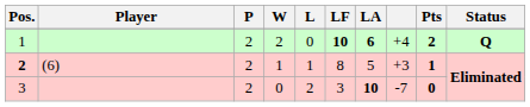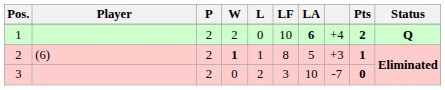 <table class="wikitable" style="text-align:center; margin: 1em auto 1em auto, align:left">
 <tr>
 <th width=25>Pos.</th>
 <th width=200>Player</th>
 <th width=25>P</th>
 <th width=25>W</th>
 <th width=25>L</th>
 <th width=25>LF</th>
 <th width=25>LA</th>
 <th width=25></th>
 <th width=25>Pts</th>
 <th width=75>Status</th>
 </tr>
 <tr>
 </tr>
 <tr style="background:#CCFFCC;">
 <td>1</td>
 <td align=left></td>
 <td>2</td>
 <td>2</td>
 <td>0</td>
-<td><strong>10</strong></td>
+<td>10</td>
 <td><strong>6</strong></td>
 <td>+4</td>
 <td><strong>2</strong></td>
 <td><strong>Q</strong></td>
 </tr>
 <tr style="background:#FFCCCC;">
-<td><strong>2</strong></td>
+<td>2</td>
 <td align=left> (6)</td>
 <td>2</td>
-<td>1</td>
+<td><strong>1</strong></td>
 <td>1</td>
 <td>8</td>
 <td>5</td>
 <td>+3</td>
 <td><strong>1</strong></td>
 <td rowspan=2><strong>Eliminated</strong></td>
 </tr>
 <tr style="background:#FFCCCC;">
 <td>3</td>
 <td align=left></td>
 <td>2</td>
 <td>0</td>
 <td>2</td>
 <td>3</td>
-<td><strong>10</strong></td>
+<td>10</td>
 <td>-7</td>
 <td><strong>0</strong></td>
 </tr>
 </table>
